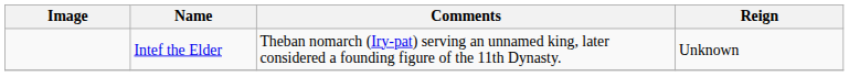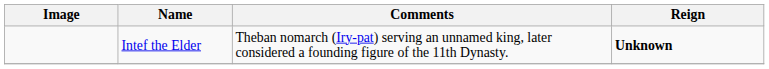 <table class="wikitable" width="100%">
 <tr>
 <th width="15%">Image</th>
 <th width="15%">Name</th>
 <th width="50%">Comments</th>
 <th width="20%">Reign</th>
 </tr>
 <tr>
 <td></td>
 <td><a href='#'>Intef the Elder</a></td>
 <td>Theban nomarch (<a href='#'>Iry-pat</a>) serving an unnamed king, later considered a founding figure of the 11th Dynasty.</td>
-<td>Unknown</td>
+<td><strong>Unknown</strong></td>
 </tr>
 <tr>
 </tr>
 </table>
